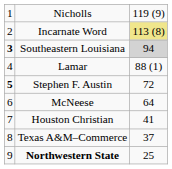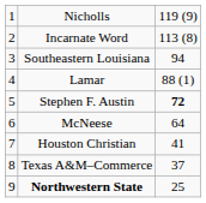 <table class="wikitable">
 <tr align="center">
 <td>1</td>
 <td>Nicholls</td>
 <td>119 (9)</td>
 </tr>
 <tr align="center">
 <td>2</td>
 <td>Incarnate Word</td>
-<td style="background: khaki;">113 (8)</td>
+<td>113 (8)</td>
 </tr>
 <tr align="center">
-<td><strong>3</strong></td>
+<td>3</td>
 <td>Southeastern Louisiana</td>
-<td style="background: lightgrey;">94</td>
+<td>94</td>
 </tr>
 <tr align="center">
 <td>4</td>
 <td>Lamar</td>
 <td>88 (1)</td>
 </tr>
 <tr align="center">
-<td><strong>5</strong></td>
+<td>5</td>
 <td>Stephen F. Austin</td>
-<td>72</td>
+<td><strong>72</strong></td>
 </tr>
 <tr align="center">
 <td>6</td>
 <td>McNeese</td>
 <td>64</td>
 </tr>
 <tr align="center">
 <td>7</td>
 <td>Houston Christian</td>
 <td>41</td>
 </tr>
 <tr align="center">
 <td>8</td>
 <td>Texas A&M–Commerce</td>
 <td>37</td>
 </tr>
 <tr align="center">
 <td>9</td>
 <td><strong>Northwestern State</strong></td>
 <td>25</td>
 </tr>
 </table>
